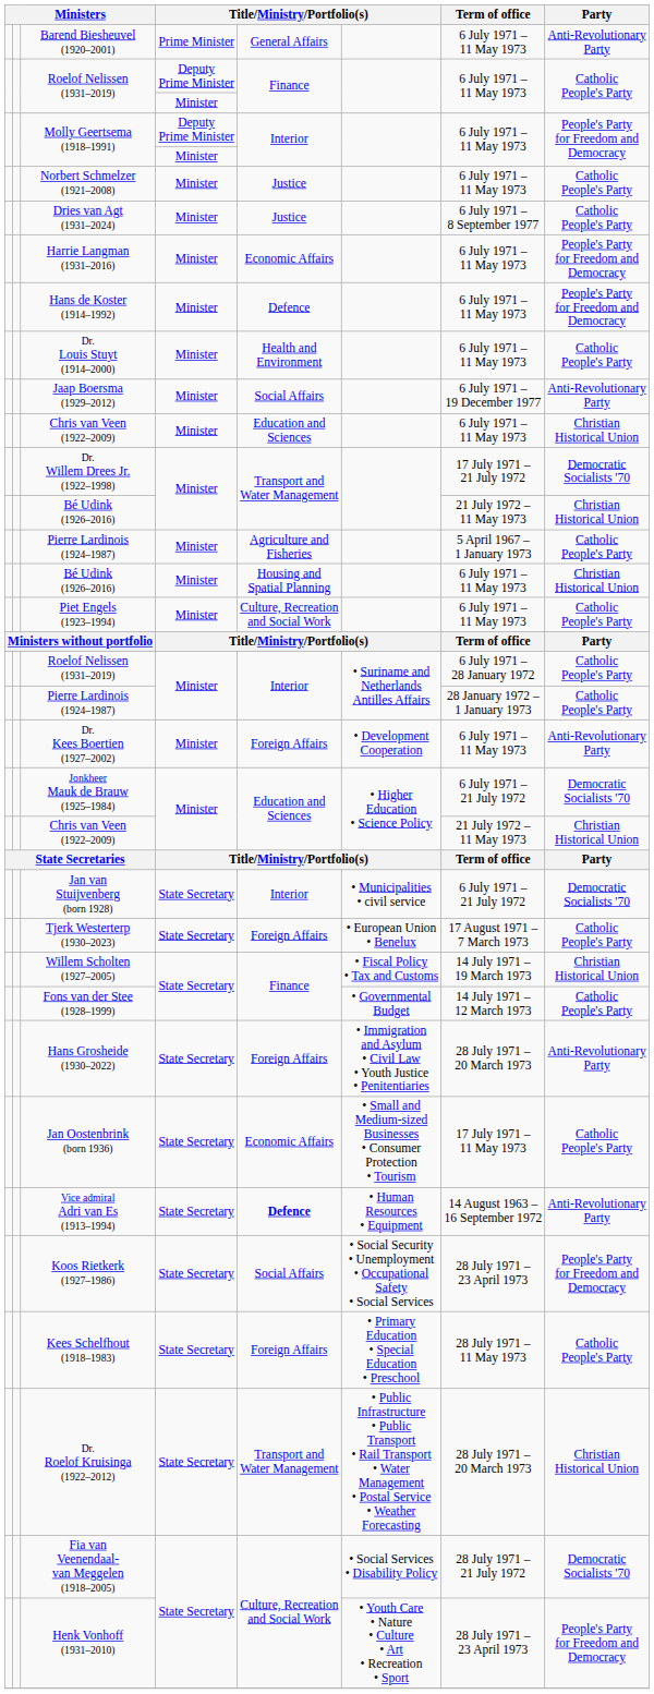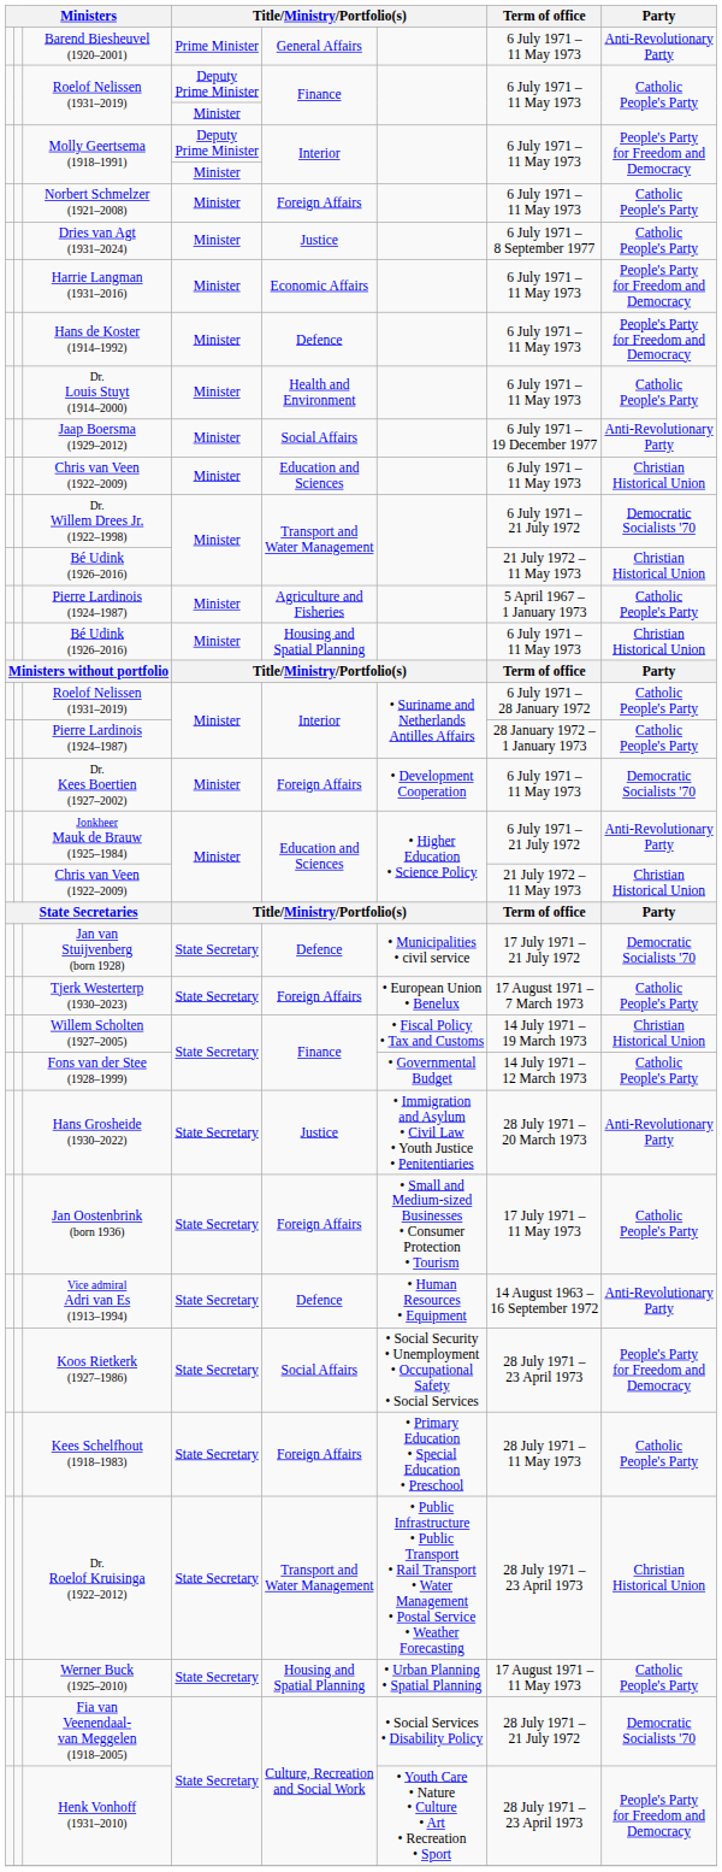 <table class="wikitable" style="text-align:center">
 <tr>
 <th colspan=3><a href='#'>Ministers</a></th>
 <th colspan=3>Title/<a href='#'>Ministry</a>/Portfolio(s)</th>
 <th>Term of office</th>
 <th>Party</th>
 </tr>
 <tr>
 <td style="background:"></td>
 <td></td>
 <td><a href='#'>Barend Biesheuvel</a> <br> <small>(1920–2001)</small></td>
 <td><a href='#'>Prime Minister</a></td>
 <td><a href='#'>General Affairs</a></td>
 <td></td>
 <td>6 July 1971 – <br> 11 May 1973 <br> </td>
 <td><a href='#'>Anti-Revolutionary <br> Party</a></td>
 </tr>
 <tr>
 <td rowspan=2 style="background:"></td>
 <td rowspan=2></td>
 <td rowspan=2><a href='#'>Roelof Nelissen</a> <br> <small>(1931–2019)</small></td>
 <td><a href='#'>Deputy <br> Prime Minister</a></td>
 <td rowspan=2><a href='#'>Finance</a></td>
 <td rowspan=2></td>
 <td rowspan=2>6 July 1971 – <br> 11 May 1973 <br> </td>
 <td rowspan=2><a href='#'>Catholic <br> People's Party</a></td>
 </tr>
 <tr>
 <td><a href='#'>Minister</a></td>
 </tr>
 <tr>
 <td rowspan=2 style="background:"></td>
 <td rowspan=2></td>
 <td rowspan=2><a href='#'>Molly Geertsema</a> <br> <small>(1918–1991)</small></td>
 <td><a href='#'>Deputy <br> Prime Minister</a></td>
 <td rowspan=2><a href='#'>Interior</a></td>
 <td rowspan=2></td>
 <td rowspan=2>6 July 1971 – <br> 11 May 1973 <br> </td>
 <td rowspan=2><a href='#'>People's Party <br> for Freedom and <br> Democracy</a></td>
 </tr>
 <tr>
 <td><a href='#'>Minister</a></td>
 </tr>
 <tr>
 <td style="background:"></td>
 <td></td>
 <td><a href='#'>Norbert Schmelzer</a> <br> <small>(1921–2008)</small></td>
 <td><a href='#'>Minister</a></td>
-<td><a href='#'>Justice</a></td>
+<td><a href='#'>Foreign Affairs</a></td>
 <td></td>
 <td>6 July 1971 – <br> 11 May 1973 <br> </td>
 <td><a href='#'>Catholic <br> People's Party</a></td>
 </tr>
 <tr>
 <td style="background:"></td>
 <td></td>
 <td><a href='#'>Dries van Agt</a> <br> <small>(1931–2024)</small></td>
 <td><a href='#'>Minister</a></td>
 <td><a href='#'>Justice</a></td>
 <td></td>
 <td>6 July 1971 – <br> 8 September 1977 <br> </td>
 <td><a href='#'>Catholic <br> People's Party</a></td>
 </tr>
 <tr>
 <td style="background:"></td>
 <td></td>
 <td><a href='#'>Harrie Langman</a> <br> <small>(1931–2016)</small></td>
 <td><a href='#'>Minister</a></td>
 <td><a href='#'>Economic Affairs</a></td>
 <td></td>
 <td>6 July 1971 – <br> 11 May 1973 <br> </td>
 <td><a href='#'>People's Party <br> for Freedom and <br> Democracy</a></td>
 </tr>
 <tr>
 <td style="background:"></td>
 <td></td>
 <td><a href='#'>Hans de Koster</a> <br> <small>(1914–1992)</small></td>
 <td><a href='#'>Minister</a></td>
 <td><a href='#'>Defence</a></td>
 <td></td>
 <td>6 July 1971 – <br> 11 May 1973 <br> </td>
 <td><a href='#'>People's Party <br> for Freedom and <br> Democracy</a></td>
 </tr>
 <tr>
 <td style="background:"></td>
 <td></td>
 <td><small>Dr.</small> <br> <a href='#'>Louis Stuyt</a> <br> <small>(1914–2000)</small></td>
 <td><a href='#'>Minister</a></td>
 <td><a href='#'>Health and <br> Environment</a></td>
 <td></td>
 <td>6 July 1971 – <br> 11 May 1973 <br> </td>
 <td><a href='#'>Catholic <br> People's Party</a></td>
 </tr>
 <tr>
 <td style="background:"></td>
 <td></td>
 <td><a href='#'>Jaap Boersma</a> <br> <small>(1929–2012)</small></td>
 <td><a href='#'>Minister</a></td>
 <td><a href='#'>Social Affairs</a></td>
 <td></td>
 <td>6 July 1971 – <br> 19 December 1977 <br> </td>
 <td><a href='#'>Anti-Revolutionary <br> Party</a></td>
 </tr>
 <tr>
 <td style="background:"></td>
 <td></td>
 <td><a href='#'>Chris van Veen</a> <br> <small>(1922–2009)</small></td>
 <td><a href='#'>Minister</a></td>
 <td><a href='#'>Education and <br> Sciences</a></td>
 <td></td>
 <td>6 July 1971 – <br> 11 May 1973 <br> </td>
 <td><a href='#'>Christian <br> Historical Union</a></td>
 </tr>
 <tr>
 <td style="background:"></td>
 <td></td>
 <td><small>Dr.</small> <br> <a href='#'>Willem Drees Jr.</a> <br> <small>(1922–1998)</small></td>
 <td rowspan=2><a href='#'>Minister</a></td>
 <td rowspan=2><a href='#'>Transport and <br> Water Management</a></td>
 <td rowspan=2></td>
-<td>17 July 1971 – <br> 21 July 1972 <br> </td>
+<td>6 July 1971 – <br> 21 July 1972 <br> </td>
 <td><a href='#'>Democratic <br> Socialists '70</a></td>
 </tr>
 <tr>
 <td style="background:"></td>
 <td></td>
 <td><a href='#'>Bé Udink</a> <br> <small>(1926–2016)</small></td>
 <td>21 July 1972 – <br> 11 May 1973 <br> </td>
 <td><a href='#'>Christian <br> Historical Union</a></td>
 </tr>
 <tr>
 <td style="background:"></td>
 <td></td>
 <td><a href='#'>Pierre Lardinois</a> <br> <small>(1924–1987)</small></td>
 <td><a href='#'>Minister</a></td>
 <td><a href='#'>Agriculture and <br> Fisheries</a></td>
 <td></td>
 <td>5 April 1967 – <br> 1 January 1973 <br>  </td>
 <td><a href='#'>Catholic <br> People's Party</a></td>
 </tr>
 <tr>
 <td style="background:"></td>
 <td></td>
 <td><a href='#'>Bé Udink</a> <br> <small>(1926–2016)</small></td>
 <td><a href='#'>Minister</a></td>
 <td><a href='#'>Housing and <br> Spatial Planning</a></td>
 <td></td>
 <td>6 July 1971 – <br> 11 May 1973 <br> </td>
 <td><a href='#'>Christian <br> Historical Union</a></td>
-</tr>
-<tr>
-<td style="background:"></td>
-<td></td>
-<td><a href='#'>Piet Engels</a> <br> <small>(1923–1994)</small></td>
-<td><a href='#'>Minister</a></td>
-<td><a href='#'>Culture, Recreation <br> and Social Work</a></td>
-<td></td>
-<td>6 July 1971 – <br> 11 May 1973 <br> </td>
-<td><a href='#'>Catholic <br> People's Party</a></td>
 </tr>
 <tr>
 <th colspan=3><a href='#'>Ministers without portfolio</a></th>
 <th colspan=3>Title/<a href='#'>Ministry</a>/Portfolio(s)</th>
 <th>Term of office</th>
 <th>Party</th>
 </tr>
 <tr>
 <td style="background:"></td>
 <td></td>
 <td><a href='#'>Roelof Nelissen</a> <br> <small>(1931–2019)</small></td>
 <td rowspan=2><a href='#'>Minister</a></td>
 <td rowspan=2><a href='#'>Interior</a></td>
 <td rowspan=2>• <a href='#'>Suriname and <br> Netherlands <br> Antilles Affairs</a></td>
 <td>6 July 1971 – <br> 28 January 1972</td>
 <td><a href='#'>Catholic <br> People's Party</a></td>
 </tr>
 <tr>
 <td style="background:"></td>
 <td></td>
 <td><a href='#'>Pierre Lardinois</a> <br> <small>(1924–1987)</small></td>
 <td>28 January 1972 – <br> 1 January 1973 <br> </td>
 <td><a href='#'>Catholic <br> People's Party</a></td>
 </tr>
 <tr>
 <td style="background:"></td>
 <td></td>
 <td><small>Dr.</small> <br> <a href='#'>Kees Boertien</a> <br> <small>(1927–2002)</small></td>
 <td><a href='#'>Minister</a></td>
 <td><a href='#'>Foreign Affairs</a></td>
 <td>• <a href='#'>Development <br> Cooperation</a></td>
 <td>6 July 1971 – <br> 11 May 1973 <br> </td>
-<td><a href='#'>Anti-Revolutionary <br> Party</a></td>
+<td><a href='#'>Democratic <br> Socialists '70</a></td>
 </tr>
 <tr>
 <td style="background:"></td>
 <td></td>
 <td><small><a href='#'>Jonkheer</a></small> <br> <a href='#'>Mauk de Brauw</a> <br> <small>(1925–1984)</small></td>
 <td rowspan=2><a href='#'>Minister</a></td>
 <td rowspan=2><a href='#'>Education and <br> Sciences</a></td>
 <td rowspan=2>• <a href='#'>Higher <br> Education</a> <br> • <a href='#'>Science Policy</a></td>
 <td>6 July 1971 – <br> 21 July 1972 <br> </td>
-<td><a href='#'>Democratic <br> Socialists '70</a></td>
+<td><a href='#'>Anti-Revolutionary <br> Party</a></td>
 </tr>
 <tr>
 <td style="background:"></td>
 <td></td>
 <td><a href='#'>Chris van Veen</a> <br> <small>(1922–2009)</small></td>
 <td>21 July 1972 – <br> 11 May 1973 <br> </td>
 <td><a href='#'>Christian <br> Historical Union</a></td>
 </tr>
 <tr>
 <th colspan=3><a href='#'>State Secretaries</a></th>
 <th colspan=3>Title/<a href='#'>Ministry</a>/Portfolio(s)</th>
 <th>Term of office</th>
 <th>Party</th>
 </tr>
 <tr>
 <td style="background:"></td>
 <td></td>
 <td><a href='#'>Jan van <br> Stuijvenberg</a> <br> <small>(born 1928)</small></td>
 <td><a href='#'>State Secretary</a></td>
-<td><a href='#'>Interior</a></td>
+<td><a href='#'>Defence</a></td>
 <td>• <a href='#'>Municipalities</a> <br> • civil service</td>
-<td>6 July 1971 – <br> 21 July 1972 <br> </td>
+<td>17 July 1971 – <br> 21 July 1972 <br> </td>
 <td><a href='#'>Democratic <br> Socialists '70</a></td>
 </tr>
 <tr>
 <td style="background:"></td>
 <td></td>
 <td><a href='#'>Tjerk Westerterp</a> <br> <small>(1930–2023)</small></td>
 <td><a href='#'>State Secretary</a></td>
 <td><a href='#'>Foreign Affairs</a></td>
 <td>• European Union <br> • <a href='#'>Benelux</a></td>
 <td>17 August 1971 – <br> 7 March 1973 <br> </td>
 <td><a href='#'>Catholic <br> People's Party</a></td>
 </tr>
 <tr>
 <td style="background:"></td>
 <td></td>
 <td><a href='#'>Willem Scholten</a> <br> <small>(1927–2005)</small></td>
 <td rowspan=2><a href='#'>State Secretary</a></td>
 <td rowspan=2><a href='#'>Finance</a></td>
 <td>• <a href='#'>Fiscal Policy</a> <br> • <a href='#'>Tax and Customs</a></td>
 <td>14 July 1971 – <br> 19 March 1973 <br> </td>
 <td><a href='#'>Christian <br> Historical Union</a></td>
 </tr>
 <tr>
 <td style="background:"></td>
 <td></td>
 <td><a href='#'>Fons van der Stee</a> <br> <small>(1928–1999)</small></td>
 <td>• <a href='#'>Governmental <br> Budget</a></td>
 <td>14 July 1971 – <br> 12 March 1973 <br> </td>
 <td><a href='#'>Catholic <br> People's Party</a></td>
 </tr>
 <tr>
 <td style="background:"></td>
 <td></td>
 <td><a href='#'>Hans Grosheide</a> <br> <small>(1930–2022)</small></td>
 <td><a href='#'>State Secretary</a></td>
-<td><a href='#'>Foreign Affairs</a></td>
+<td><a href='#'>Justice</a></td>
 <td>• <a href='#'>Immigration <br> and Asylum</a> <br> • <a href='#'>Civil Law</a> <br> • Youth Justice <br> • <a href='#'>Penitentiaries</a></td>
 <td>28 July 1971 – <br> 20 March 1973 <br> </td>
 <td><a href='#'>Anti-Revolutionary <br> Party</a></td>
 </tr>
 <tr>
 <td style="background:"></td>
 <td></td>
 <td><a href='#'>Jan Oostenbrink</a> <br> <small>(born 1936)</small></td>
 <td><a href='#'>State Secretary</a></td>
-<td><a href='#'>Economic Affairs</a></td>
+<td><a href='#'>Foreign Affairs</a></td>
 <td>• <a href='#'>Small and <br> Medium-sized <br> Businesses</a> <br> • Consumer <br> Protection <br> • <a href='#'>Tourism</a></td>
 <td>17 July 1971 – <br> 11 May 1973 <br> </td>
 <td><a href='#'>Catholic <br> People's Party</a></td>
 </tr>
 <tr>
 <td style="background:"></td>
 <td></td>
 <td><small><a href='#'>Vice admiral</a></small> <br> <a href='#'>Adri van Es</a> <br> <small>(1913–1994)</small></td>
 <td><a href='#'>State Secretary</a></td>
-<td><strong><a href='#'>Defence</a></strong></td>
+<td><a href='#'>Defence</a></td>
 <td>• <a href='#'>Human <br> Resources</a> <br> • <a href='#'>Equipment</a></td>
 <td>14 August 1963 – <br> 16 September 1972 <br>  </td>
 <td><a href='#'>Anti-Revolutionary <br> Party</a></td>
 </tr>
 <tr>
 <td style="background:"></td>
 <td></td>
 <td><a href='#'>Koos Rietkerk</a> <br> <small>(1927–1986)</small></td>
 <td><a href='#'>State Secretary</a></td>
 <td><a href='#'>Social Affairs</a></td>
 <td>• Social Security <br> • Unemployment <br> • <a href='#'>Occupational <br> Safety</a> <br> • Social Services</td>
 <td>28 July 1971 – <br> 23 April 1973 <br> </td>
 <td><a href='#'>People's Party <br> for Freedom and <br> Democracy</a></td>
 </tr>
 <tr>
 <td style="background:"></td>
 <td></td>
 <td><a href='#'>Kees Schelfhout</a> <br> <small>(1918–1983)</small></td>
 <td><a href='#'>State Secretary</a></td>
 <td><a href='#'>Foreign Affairs</a></td>
 <td>• <a href='#'>Primary <br> Education</a> <br> • <a href='#'>Special <br> Education</a> <br> • <a href='#'>Preschool</a></td>
 <td>28 July 1971 – <br> 11 May 1973 <br> </td>
 <td><a href='#'>Catholic <br> People's Party</a></td>
 </tr>
 <tr>
 <td style="background:"></td>
 <td></td>
 <td><small>Dr.</small> <br> <a href='#'>Roelof Kruisinga</a> <br> <small>(1922–2012)</small></td>
 <td><a href='#'>State Secretary</a></td>
 <td><a href='#'>Transport and <br> Water Management</a></td>
 <td>• <a href='#'>Public <br> Infrastructure</a> <br> • <a href='#'>Public <br> Transport</a> <br> • <a href='#'>Rail Transport</a> <br> • <a href='#'>Water <br> Management</a> <br> • <a href='#'>Postal Service</a> <br> • <a href='#'>Weather <br> Forecasting</a></td>
-<td>28 July 1971 – <br> 20 March 1973 <br> </td>
+<td>28 July 1971 – <br> 23 April 1973 <br> </td>
 <td><a href='#'>Christian <br> Historical Union</a></td>
+</tr>
+<tr>
+<td style="background:"></td>
+<td></td>
+<td><a href='#'>Werner Buck</a> <br> <small>(1925–2010)</small></td>
+<td><a href='#'>State Secretary</a></td>
+<td><a href='#'>Housing and <br> Spatial Planning</a></td>
+<td>• <a href='#'>Urban Planning</a> <br> • <a href='#'>Spatial Planning</a></td>
+<td>17 August 1971 – <br> 11 May 1973 <br> </td>
+<td><a href='#'>Catholic <br> People's Party</a></td>
 </tr>
 <tr>
 <td style="background:"></td>
 <td></td>
 <td><a href='#'>Fia van <br> Veenendaal-<br>van Meggelen</a> <br> <small>(1918–2005)</small></td>
 <td rowspan=2><a href='#'>State Secretary</a></td>
 <td rowspan=2><a href='#'>Culture, Recreation <br> and Social Work</a></td>
 <td>• Social Services <br> • <a href='#'>Disability Policy</a></td>
 <td>28 July 1971 – <br> 21 July 1972 <br> </td>
 <td><a href='#'>Democratic <br> Socialists '70</a></td>
 </tr>
 <tr>
 <td style="background:"></td>
 <td></td>
 <td><a href='#'>Henk Vonhoff</a> <br> <small>(1931–2010)</small></td>
 <td>• <a href='#'>Youth Care</a> <br> • Nature <br> • <a href='#'>Culture</a> <br> • <a href='#'>Art</a> <br> • Recreation <br> • <a href='#'>Sport</a></td>
 <td>28 July 1971 – <br> 23 April 1973 <br> </td>
 <td><a href='#'>People's Party <br> for Freedom and <br> Democracy</a></td>
 </tr>
 <tr>
 </tr>
 </table>
